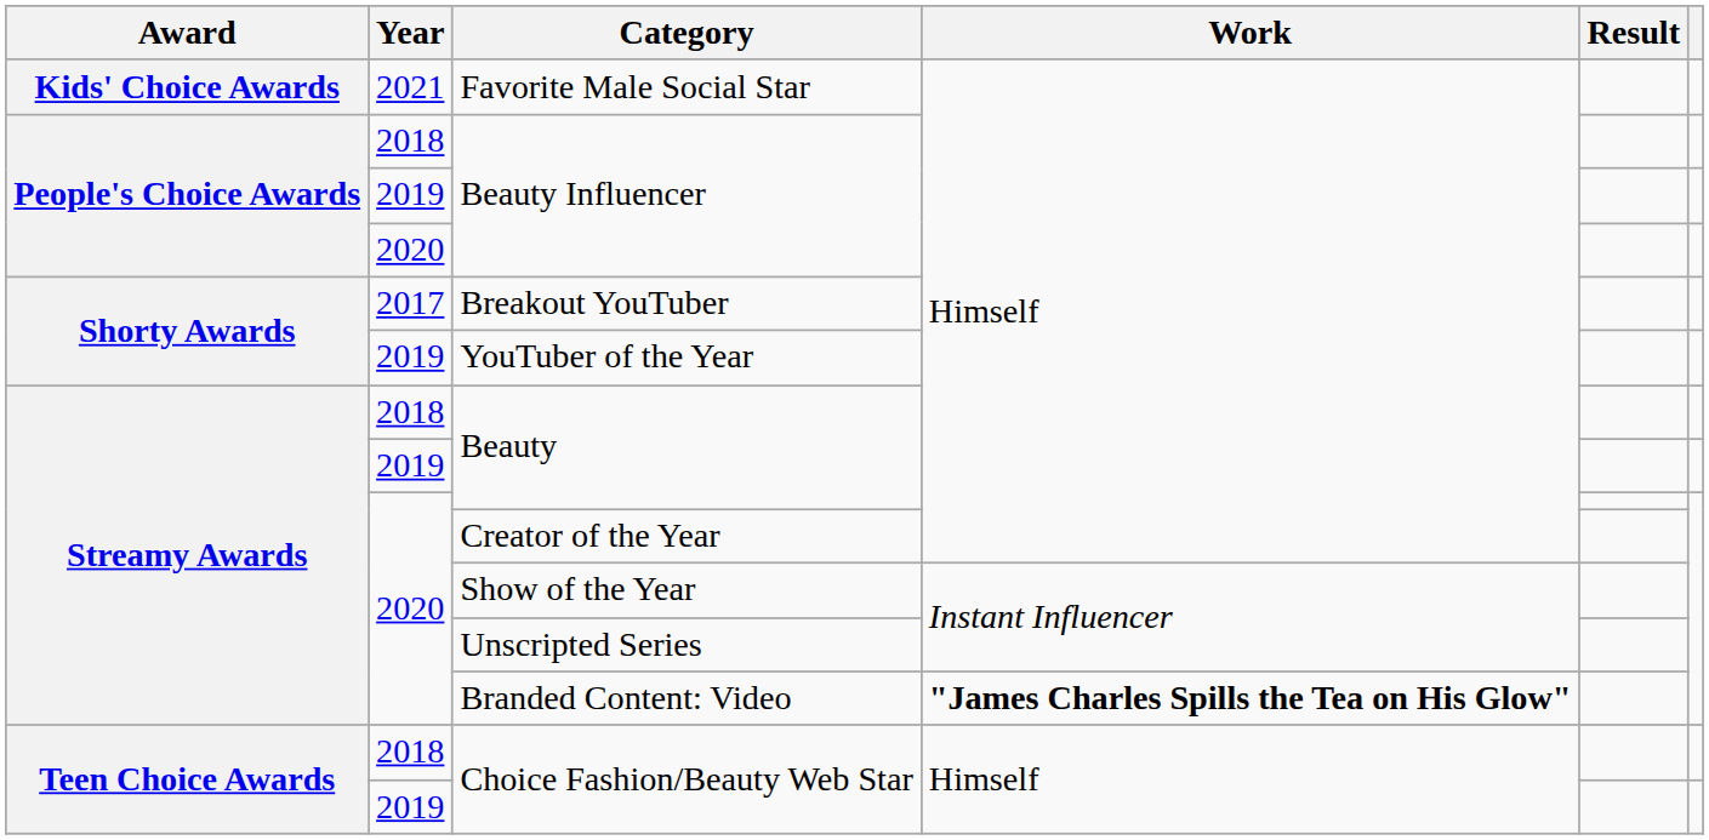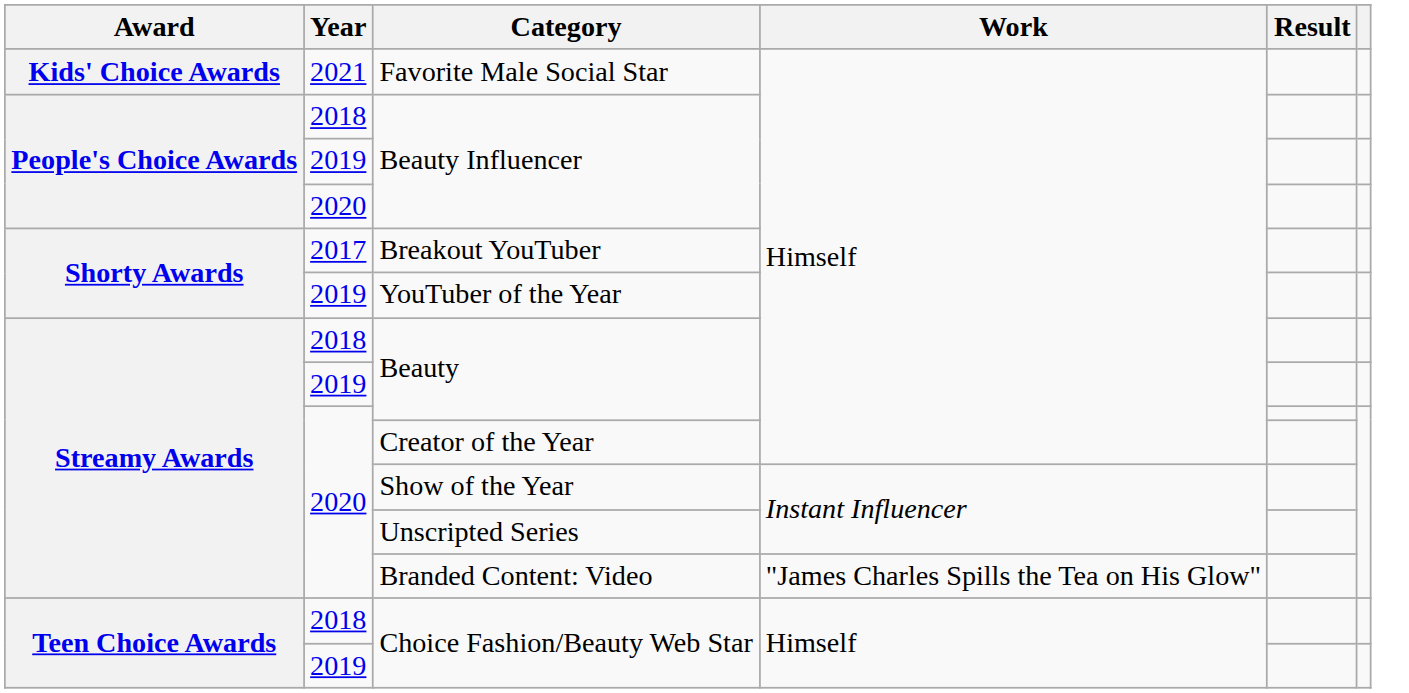 <table class="wikitable sortable plainrowheaders">
 <tr>
 <th scope="col">Award</th>
 <th scope="col">Year</th>
 <th scope="col">Category</th>
 <th scope="col">Work</th>
 <th scope="col">Result</th>
 <th scope="col" class="unsortable"></th>
 </tr>
 <tr>
 <th scope="row"><a href='#'>Kids' Choice Awards</a></th>
 <td><a href='#'>2021</a></td>
 <td>Favorite Male Social Star</td>
 <td rowspan="10">Himself</td>
 <td></td>
 <td style="text-align: center;"></td>
 </tr>
 <tr>
 <th scope="row" rowspan="3"><a href='#'>People's Choice Awards</a></th>
 <td><a href='#'>2018</a></td>
 <td rowspan="3">Beauty Influencer</td>
 <td></td>
 <td style="text-align: center;"></td>
 </tr>
 <tr>
 <td><a href='#'>2019</a></td>
 <td></td>
 <td style="text-align: center;"></td>
 </tr>
 <tr>
 <td><a href='#'>2020</a></td>
 <td></td>
 <td style="text-align: center;"></td>
 </tr>
 <tr>
 <th scope="row" rowspan="2"><a href='#'>Shorty Awards</a></th>
 <td><a href='#'>2017</a></td>
 <td>Breakout YouTuber</td>
 <td></td>
 <td style="text-align: center;"></td>
 </tr>
 <tr>
 <td><a href='#'>2019</a></td>
 <td>YouTuber of the Year</td>
 <td></td>
 <td style="text-align: center;"></td>
 </tr>
 <tr>
 <th scope="row" rowspan="7"><a href='#'>Streamy Awards</a></th>
 <td><a href='#'>2018</a></td>
 <td rowspan="3">Beauty</td>
 <td></td>
 <td style="text-align: center;"></td>
 </tr>
 <tr>
 <td><a href='#'>2019</a></td>
 <td></td>
 <td style="text-align: center;"></td>
 </tr>
 <tr>
 <td rowspan="5"><a href='#'>2020</a></td>
 <td></td>
 <td rowspan="5" style="text-align: center;"></td>
 </tr>
 <tr>
 <td>Creator of the Year</td>
 <td></td>
 </tr>
 <tr>
 <td>Show of the Year</td>
 <td rowspan="2"><em>Instant Influencer</em></td>
 <td></td>
 </tr>
 <tr>
 <td>Unscripted Series</td>
 <td></td>
 </tr>
 <tr>
 <td>Branded Content: Video</td>
-<td><strong>"James Charles Spills the Tea on His Glow"</strong></td>
+<td>"James Charles Spills the Tea on His Glow"</td>
 <td></td>
 </tr>
 <tr>
 <th scope="row" rowspan="2"><a href='#'>Teen Choice Awards</a></th>
 <td><a href='#'>2018</a></td>
 <td rowspan="2">Choice Fashion/Beauty Web Star</td>
 <td rowspan="2">Himself</td>
 <td></td>
 <td style="text-align: center;"></td>
 </tr>
 <tr>
 <td><a href='#'>2019</a></td>
 <td></td>
 <td style="text-align: center;"></td>
 </tr>
 </table>
